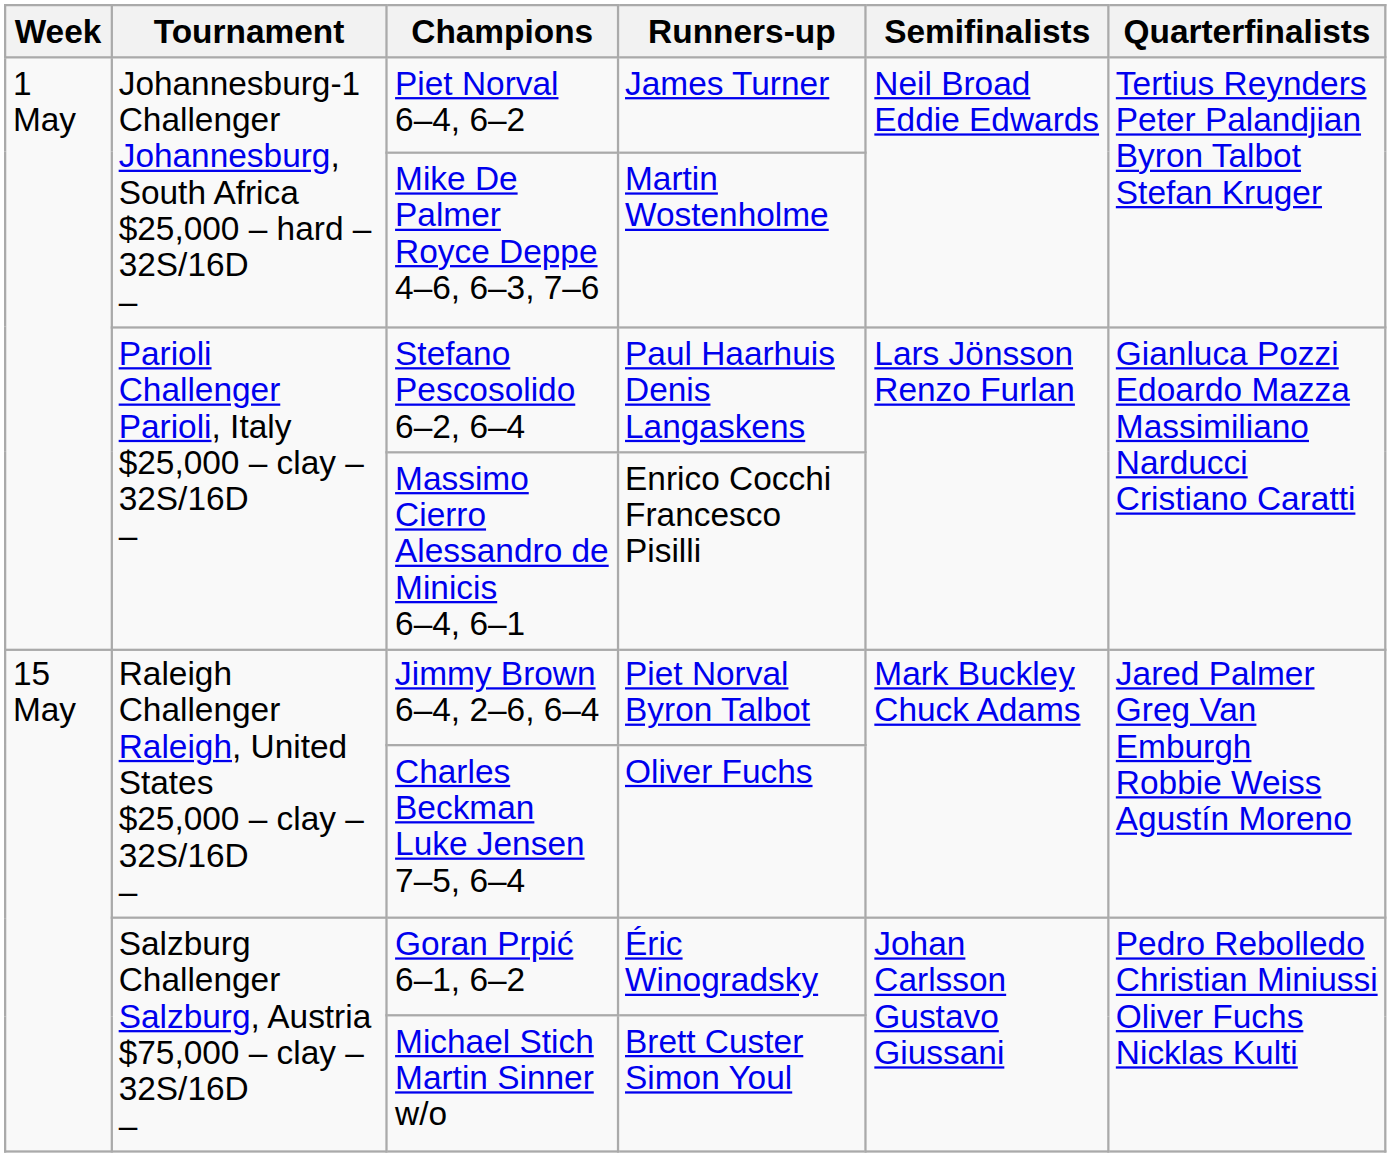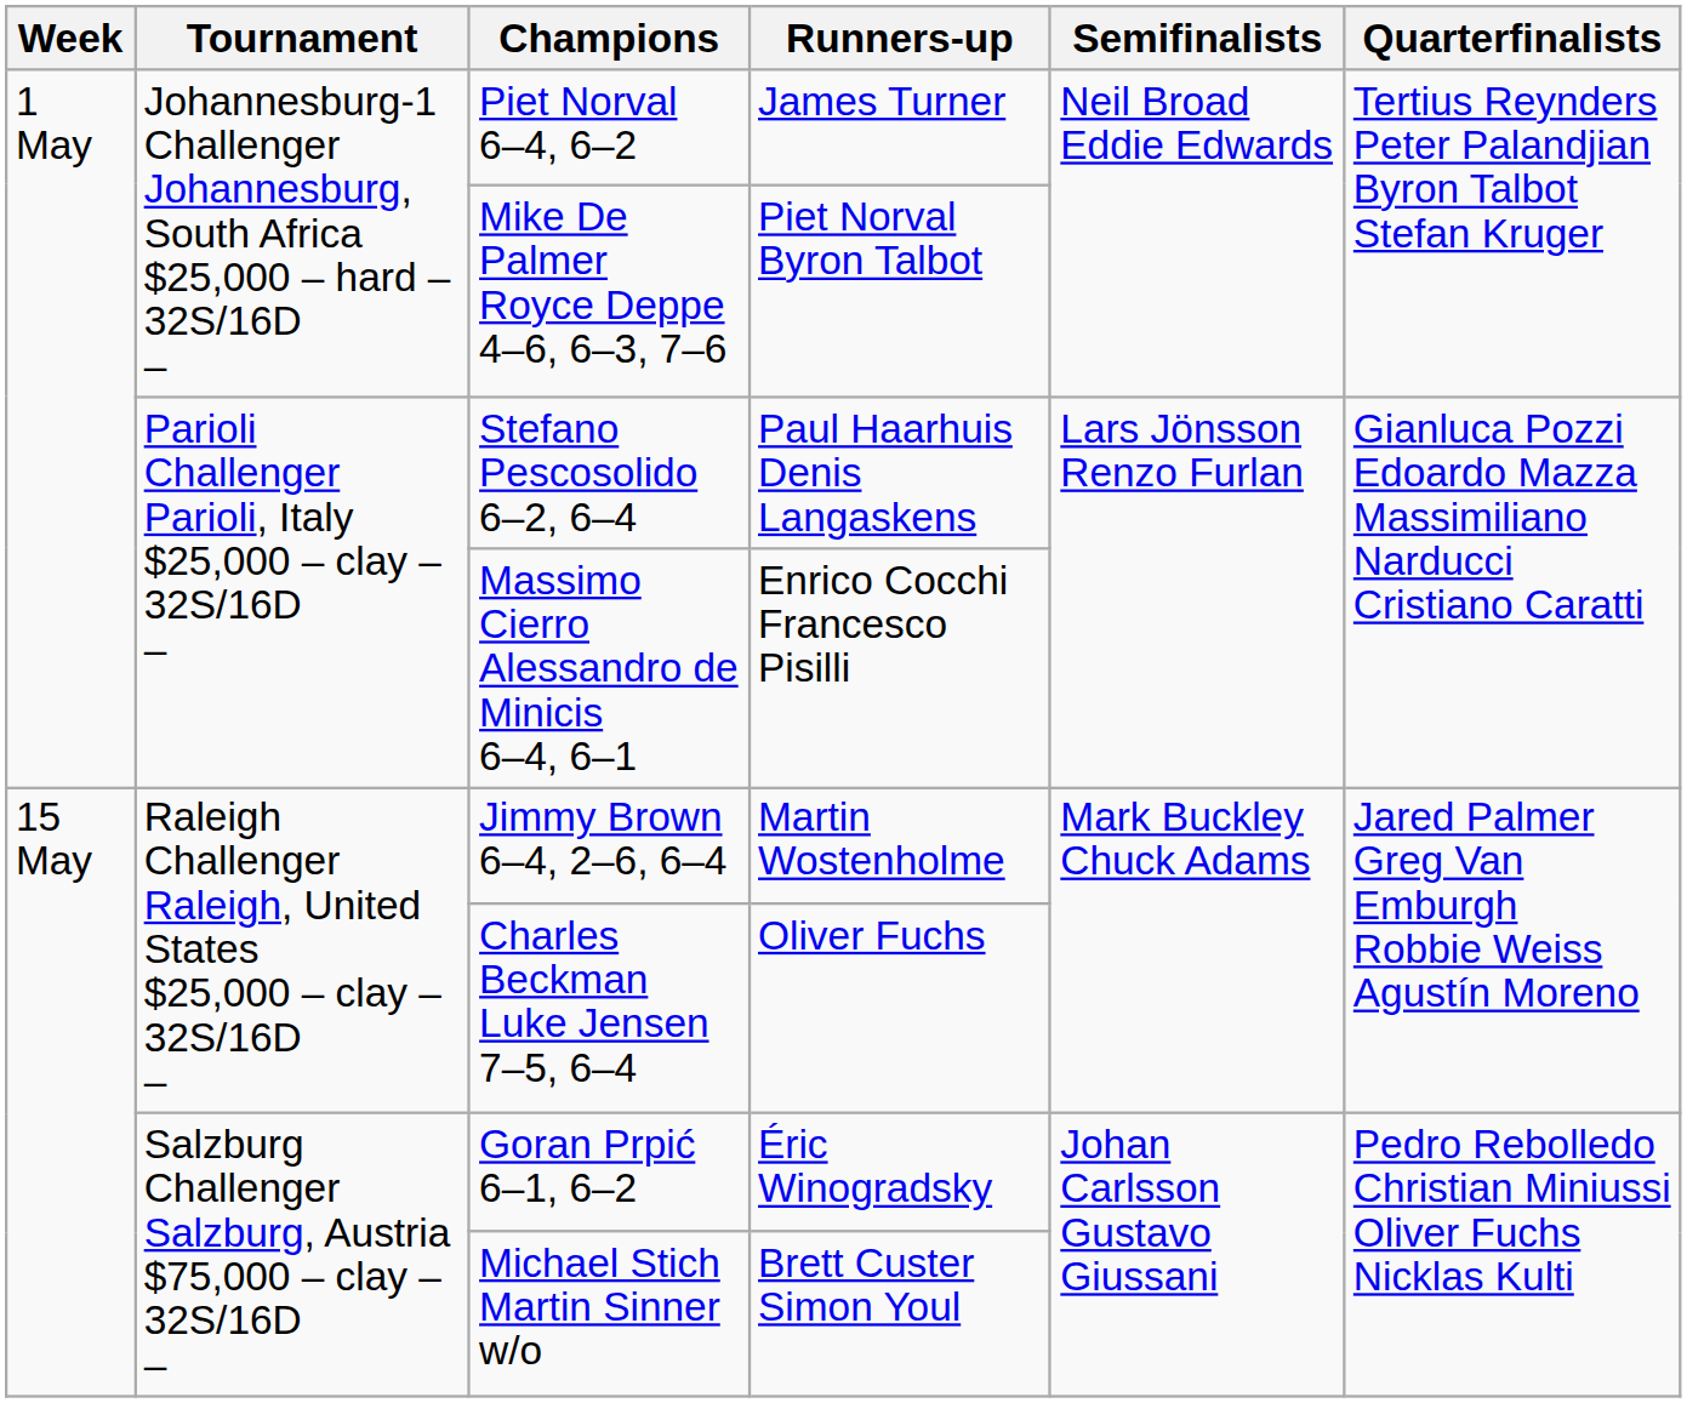 <table class="wikitable" style="font-size:92%;">
 <tr>
 <th style="width:52px;">Week</th>
 <th width="250">Tournament</th>
 <th width="210">Champions</th>
 <th width="210">Runners-up</th>
 <th width="170">Semifinalists</th>
 <th width="170">Quarterfinalists</th>
 </tr>
 <tr valign="top">
 <td rowspan="4">1 May</td>
 <td rowspan="2">Johannesburg-1 Challenger<br> <a href='#'>Johannesburg</a>, South Africa<br>$25,000 – hard – 32S/16D<br>  – </td>
 <td> <a href='#'>Piet Norval</a> <br>6–4, 6–2</td>
 <td> <a href='#'>James Turner</a></td>
 <td rowspan="2"> <a href='#'>Neil Broad</a> <br>  <a href='#'>Eddie Edwards</a></td>
 <td rowspan="2"> <a href='#'>Tertius Reynders</a> <br> <a href='#'>Peter Palandjian</a> <br> <a href='#'>Byron Talbot</a> <br>  <a href='#'>Stefan Kruger</a></td>
 </tr>
 <tr valign="top">
 <td> <a href='#'>Mike De Palmer</a> <br> <a href='#'>Royce Deppe</a><br>4–6, 6–3, 7–6</td>
-<td> <a href='#'>Martin Wostenholme</a></td>
+<td> <a href='#'>Piet Norval</a> <br>  <a href='#'>Byron Talbot</a></td>
 </tr>
 <tr valign="top">
 <td rowspan="2"><a href='#'>Parioli Challenger</a><br> <a href='#'>Parioli</a>, Italy<br>$25,000 – clay – 32S/16D<br>  – </td>
 <td> <a href='#'>Stefano Pescosolido</a> <br>6–2, 6–4</td>
 <td> <a href='#'>Paul Haarhuis</a> <br> <a href='#'>Denis Langaskens</a></td>
 <td rowspan="2"> <a href='#'>Lars Jönsson</a> <br>  <a href='#'>Renzo Furlan</a></td>
 <td rowspan="2"> <a href='#'>Gianluca Pozzi</a> <br> <a href='#'>Edoardo Mazza</a> <br> <a href='#'>Massimiliano Narducci</a> <br>  <a href='#'>Cristiano Caratti</a></td>
 </tr>
 <tr valign="top">
 <td> <a href='#'>Massimo Cierro</a> <br> <a href='#'>Alessandro de Minicis</a><br>6–4, 6–1</td>
 <td> Enrico Cocchi <br>  Francesco Pisilli</td>
 </tr>
 <tr valign="top">
 <td rowspan="4">15 May</td>
 <td rowspan="2">Raleigh Challenger<br> <a href='#'>Raleigh</a>, United States<br>$25,000 – clay – 32S/16D<br>  – </td>
 <td> <a href='#'>Jimmy Brown</a> <br>6–4, 2–6, 6–4</td>
-<td> <a href='#'>Piet Norval</a> <br>  <a href='#'>Byron Talbot</a></td>
+<td> <a href='#'>Martin Wostenholme</a></td>
 <td rowspan="2"> <a href='#'>Mark Buckley</a> <br>  <a href='#'>Chuck Adams</a></td>
 <td rowspan="2"> <a href='#'>Jared Palmer</a> <br> <a href='#'>Greg Van Emburgh</a> <br> <a href='#'>Robbie Weiss</a> <br>  <a href='#'>Agustín Moreno</a></td>
 </tr>
 <tr valign="top">
 <td> <a href='#'>Charles Beckman</a> <br> <a href='#'>Luke Jensen</a><br>7–5, 6–4</td>
 <td> <a href='#'>Oliver Fuchs</a></td>
 </tr>
 <tr valign="top">
 <td rowspan="2">Salzburg Challenger<br> <a href='#'>Salzburg</a>, Austria<br>$75,000 – clay – 32S/16D<br>  – </td>
 <td> <a href='#'>Goran Prpić</a> <br>6–1, 6–2</td>
 <td> <a href='#'>Éric Winogradsky</a></td>
 <td rowspan="2"> <a href='#'>Johan Carlsson</a> <br>  <a href='#'>Gustavo Giussani</a></td>
 <td rowspan="2"> <a href='#'>Pedro Rebolledo</a> <br> <a href='#'>Christian Miniussi</a> <br> <a href='#'>Oliver Fuchs</a> <br>  <a href='#'>Nicklas Kulti</a></td>
 </tr>
 <tr valign="top">
 <td> <a href='#'>Michael Stich</a> <br> <a href='#'>Martin Sinner</a><br> w/o</td>
 <td> <a href='#'>Brett Custer</a> <br>  <a href='#'>Simon Youl</a></td>
 </tr>
 </table>
